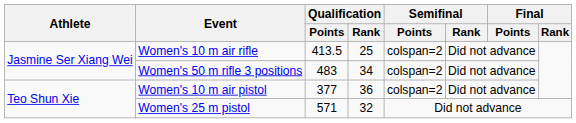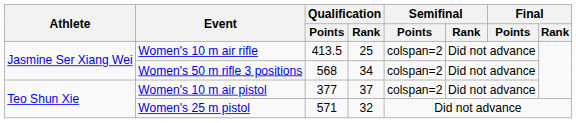 <table class="wikitable" style="font-size:90%">
 <tr>
 <th rowspan="2">Athlete</th>
 <th rowspan="2">Event</th>
 <th colspan=2>Qualification</th>
 <th colspan=2>Semifinal</th>
 <th colspan=2>Final</th>
 </tr>
 <tr style="font-size:95%">
 <th>Points</th>
 <th>Rank</th>
 <th>Points</th>
 <th>Rank</th>
 <th>Points</th>
 <th>Rank</th>
 </tr>
 <tr align="center">
 <td align=left rowspan=2><a href='#'>Jasmine Ser Xiang Wei</a></td>
 <td align=left><a href='#'>Women's 10 m air rifle</a></td>
 <td>413.5</td>
 <td>25</td>
 <td>colspan=2 </td>
 <td colspan=2>Did not advance</td>
 </tr>
 <tr align=center>
 <td align=left><a href='#'>Women's 50 m rifle 3 positions</a></td>
-<td>483</td>
+<td>568</td>
 <td>34</td>
 <td>colspan=2 </td>
 <td colspan=2>Did not advance</td>
 </tr>
 <tr align="center">
 <td align=left rowspan=2><a href='#'>Teo Shun Xie</a></td>
 <td align=left><a href='#'>Women's 10 m air pistol</a></td>
 <td>377</td>
-<td>36</td>
+<td>37</td>
 <td>colspan=2 </td>
 <td colspan="2">Did not advance</td>
 </tr>
 <tr align=center>
 <td align=left><a href='#'>Women's 25 m pistol</a></td>
 <td>571</td>
 <td>32</td>
 <td colspan="4">Did not advance</td>
 </tr>
 </table>
